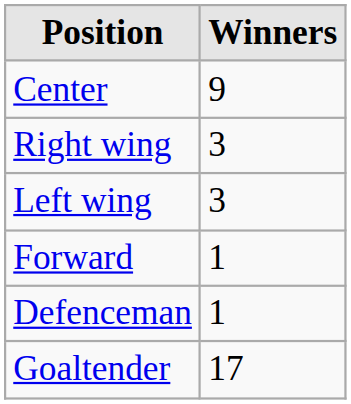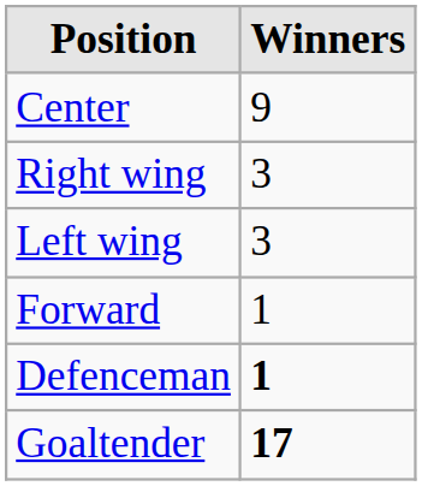 <table class="wikitable">
 <tr>
 <th style="background:#e5e5e5;">Position</th>
 <th style="background:#e5e5e5;">Winners</th>
 </tr>
 <tr>
 <td><a href='#'>Center</a></td>
 <td>9</td>
 </tr>
 <tr>
 <td><a href='#'>Right wing</a></td>
 <td>3</td>
 </tr>
 <tr>
 <td><a href='#'>Left wing</a></td>
 <td>3</td>
 </tr>
 <tr>
 <td><a href='#'>Forward</a></td>
 <td>1</td>
 </tr>
 <tr>
 <td><a href='#'>Defenceman</a></td>
-<td>1</td>
+<td><strong>1</strong></td>
 </tr>
 <tr>
 <td><a href='#'>Goaltender</a></td>
-<td>17</td>
+<td><strong>17</strong></td>
 </tr>
 </table>
